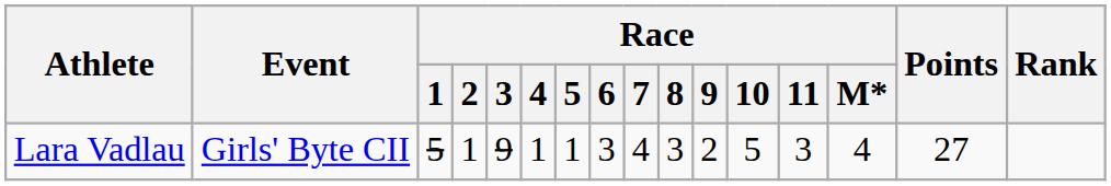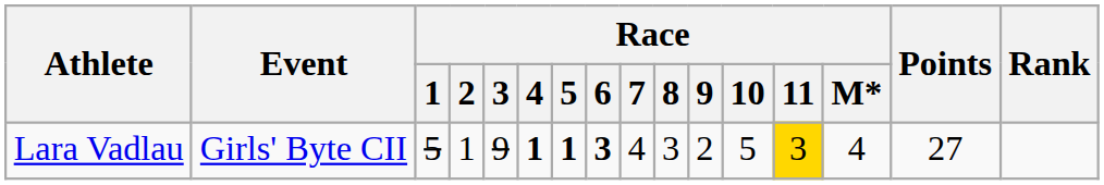 <table class="wikitable" border="1" style="font-size:90%">
 <tr>
 <th rowspan=2>Athlete</th>
 <th rowspan=2>Event</th>
 <th colspan=12>Race</th>
 <th rowspan=2>Points</th>
 <th rowspan=2>Rank</th>
 </tr>
 <tr>
 <th>1</th>
 <th>2</th>
 <th>3</th>
 <th>4</th>
 <th>5</th>
 <th>6</th>
 <th>7</th>
 <th>8</th>
 <th>9</th>
 <th>10</th>
 <th>11</th>
 <th>M*</th>
 </tr>
 <tr>
 <td><a href='#'>Lara Vadlau</a></td>
 <td><a href='#'>Girls' Byte CII</a></td>
 <td align=center><s>5</s></td>
 <td align=center>1</td>
 <td align=center><s>9</s></td>
-<td align=center>1</td>
-<td align=center>1</td>
-<td align=center>3</td>
+<td align=center><strong>1</strong></td>
+<td align=center><strong>1</strong></td>
+<td align=center><strong>3</strong></td>
 <td align=center>4</td>
 <td align=center>3</td>
 <td align=center>2</td>
 <td align=center>5</td>
-<td align=center>3</td>
+<td align=center style="background: gold;">3</td>
 <td align=center>4</td>
 <td align=center>27</td>
 <td align=center></td>
 </tr>
 </table>
